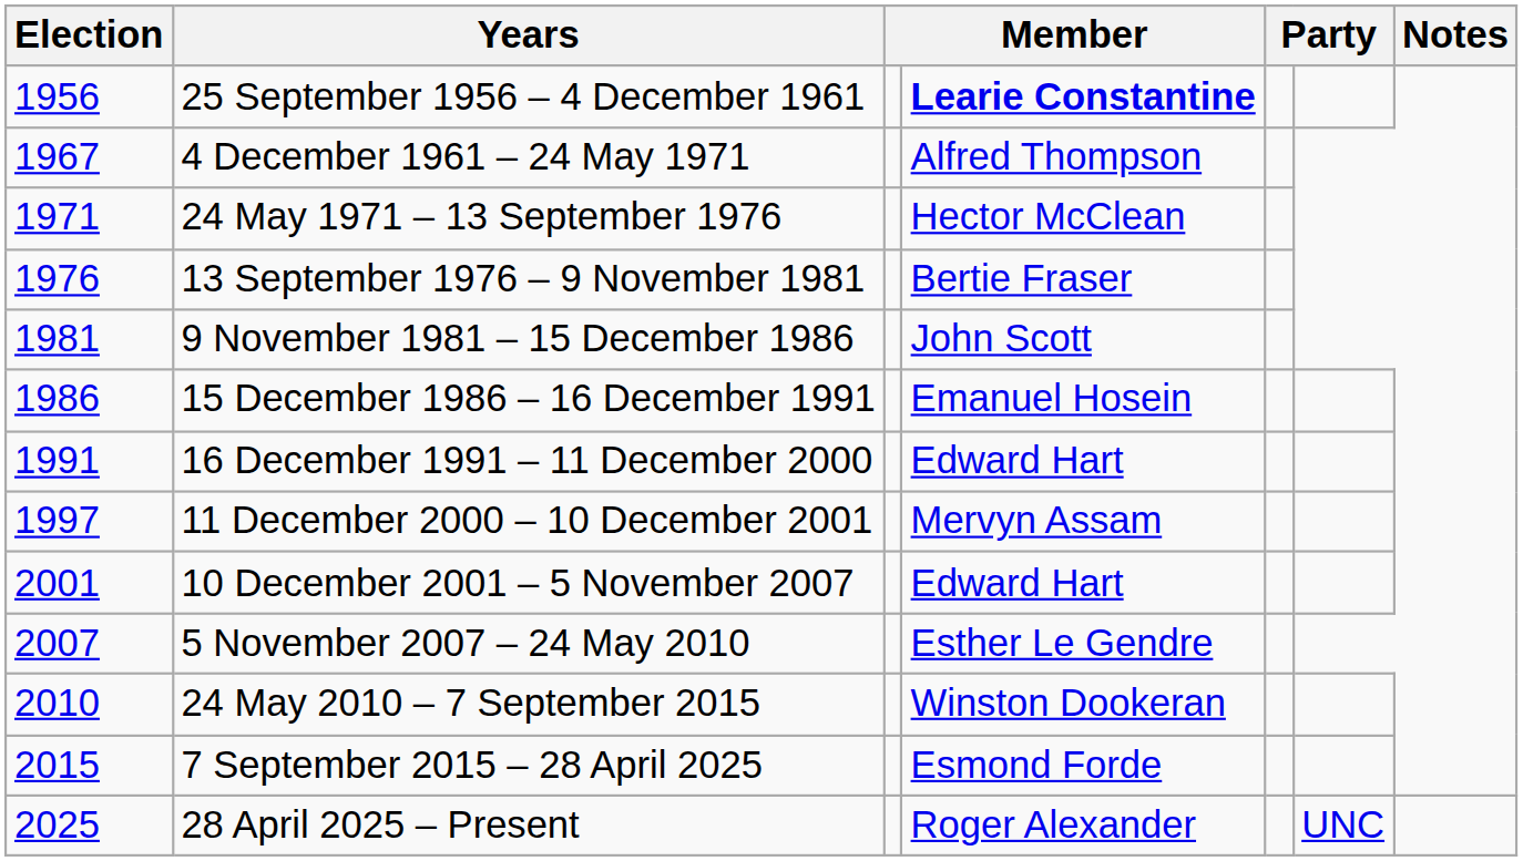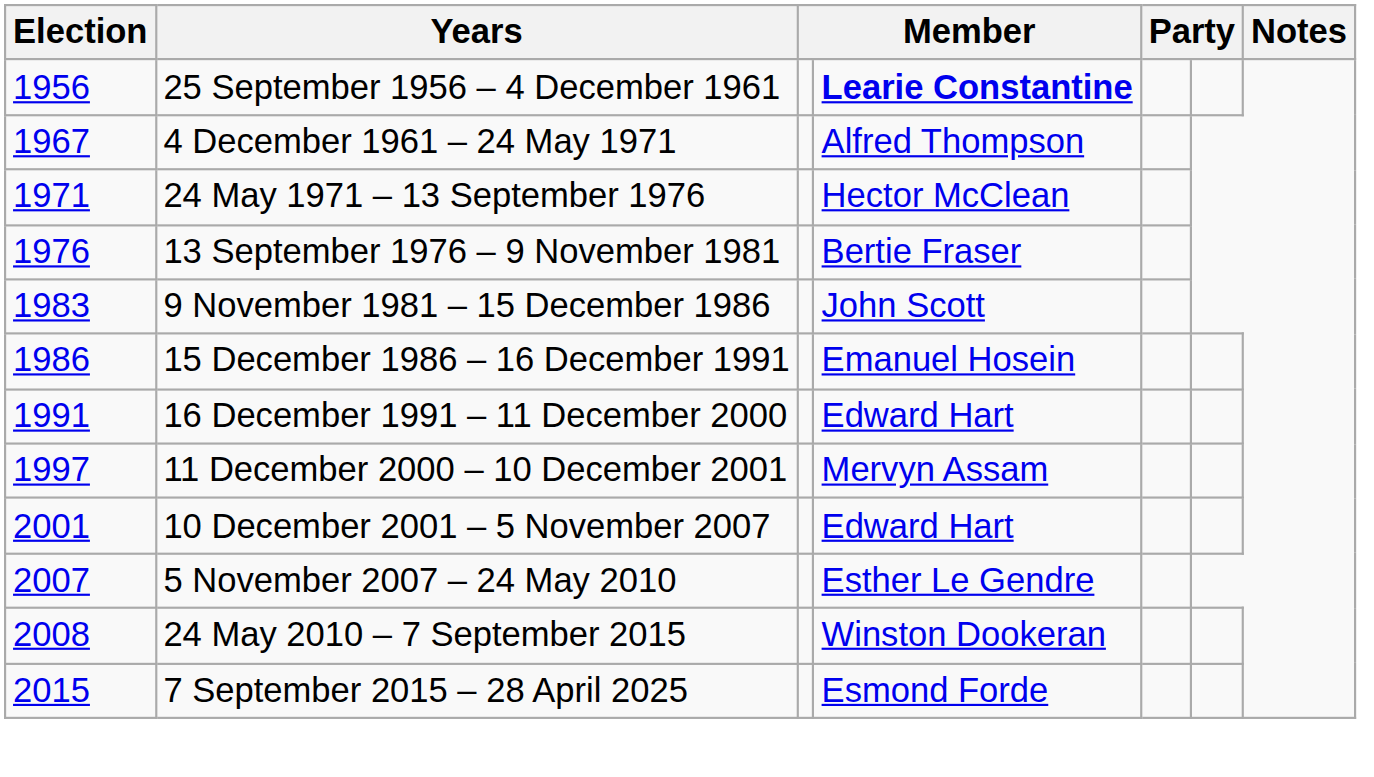 <table class="wikitable sortable">
 <tr>
 <th>Election</th>
 <th>Years</th>
 <th colspan="2">Member</th>
 <th colspan="2">Party</th>
 <th>Notes</th>
 </tr>
 <tr>
 <td><a href='#'>1956</a></td>
 <td>25 September 1956 – 4 December 1961</td>
 <td></td>
 <td><strong><a href='#'>Learie Constantine</a></strong></td>
 <td></td>
 <td></td>
 </tr>
 <tr>
 <td><a href='#'>1967</a></td>
 <td>4 December 1961 – 24 May 1971</td>
 <td></td>
 <td><a href='#'>Alfred Thompson</a></td>
 <td></td>
 </tr>
 <tr>
 <td><a href='#'>1971</a></td>
 <td>24 May 1971 – 13 September 1976</td>
 <td></td>
 <td><a href='#'>Hector McClean</a></td>
 <td></td>
 </tr>
 <tr>
 <td><a href='#'>1976</a></td>
 <td>13 September 1976 – 9 November 1981</td>
 <td></td>
 <td><a href='#'>Bertie Fraser</a></td>
 <td></td>
 </tr>
 <tr>
-<td><a href='#'>1981</a></td>
+<td><a href='#'>1983</a></td>
 <td>9 November 1981 – 15 December 1986</td>
 <td></td>
 <td><a href='#'>John Scott</a></td>
 <td></td>
 </tr>
 <tr>
 <td><a href='#'>1986</a></td>
 <td>15 December 1986 – 16 December 1991</td>
 <td></td>
 <td><a href='#'>Emanuel Hosein</a></td>
 <td></td>
 <td></td>
 </tr>
 <tr>
 <td><a href='#'>1991</a></td>
 <td>16 December 1991 – 11 December 2000</td>
 <td></td>
 <td><a href='#'>Edward Hart</a></td>
 <td></td>
 <td></td>
 </tr>
 <tr>
 <td><a href='#'>1997</a></td>
 <td>11 December 2000 – 10 December 2001</td>
 <td></td>
 <td><a href='#'>Mervyn Assam</a></td>
 <td></td>
 <td></td>
 </tr>
 <tr>
 <td><a href='#'>2001</a></td>
 <td>10 December 2001 – 5 November 2007</td>
 <td></td>
 <td><a href='#'>Edward Hart</a></td>
 <td></td>
 <td></td>
 </tr>
 <tr>
 <td><a href='#'>2007</a></td>
 <td>5 November 2007 – 24 May 2010</td>
 <td></td>
 <td><a href='#'>Esther Le Gendre</a></td>
 <td></td>
 </tr>
 <tr>
-<td><a href='#'>2010</a></td>
+<td><a href='#'>2008</a></td>
 <td>24 May 2010 – 7 September 2015</td>
 <td></td>
 <td><a href='#'>Winston Dookeran</a></td>
 <td></td>
 <td></td>
 </tr>
 <tr>
 <td><a href='#'>2015</a></td>
 <td>7 September 2015 – 28 April 2025</td>
 <td></td>
 <td><a href='#'>Esmond Forde</a></td>
 <td></td>
 <td></td>
 </tr>
-<tr>
-<td><a href='#'>2025</a></td>
-<td>28 April 2025 – Present</td>
-<td></td>
-<td><a href='#'>Roger Alexander</a></td>
-<td style="background:"> </td>
-<td><a href='#'>UNC</a></td>
-<td></td>
-</tr>
 </table>
